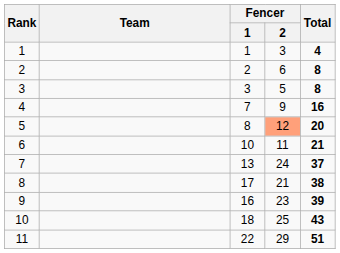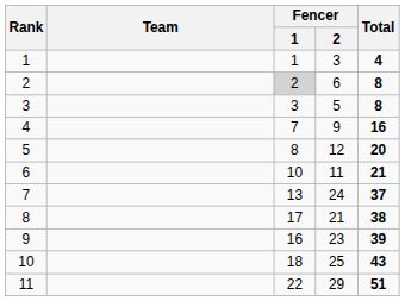 <table class=wikitable style="text-align:center">
 <tr>
 <th rowspan=2 width=40>Rank</th>
 <th rowspan=2 width=250>Team</th>
 <th colspan=2>Fencer</th>
 <th rowspan=2 width=40>Total</th>
 </tr>
 <tr>
 <th width=40>1</th>
 <th width=40>2</th>
 </tr>
 <tr>
 <td>1</td>
 <td align=left></td>
 <td>1</td>
 <td>3</td>
 <td><strong>4</strong></td>
 </tr>
 <tr>
 <td>2</td>
 <td align=left></td>
-<td>2</td>
+<td style="background: lightgrey;">2</td>
 <td>6</td>
 <td><strong>8</strong></td>
 </tr>
 <tr>
 <td>3</td>
 <td align=left></td>
 <td>3</td>
 <td>5</td>
 <td><strong>8</strong></td>
 </tr>
 <tr>
 <td>4</td>
 <td align=left></td>
 <td>7</td>
 <td>9</td>
 <td><strong>16</strong></td>
 </tr>
 <tr>
 <td>5</td>
 <td align=left></td>
 <td>8</td>
-<td style="background: lightsalmon;">12</td>
+<td>12</td>
 <td><strong>20</strong></td>
 </tr>
 <tr>
 <td>6</td>
 <td align=left></td>
 <td>10</td>
 <td>11</td>
 <td><strong>21</strong></td>
 </tr>
 <tr>
 <td>7</td>
 <td align=left></td>
 <td>13</td>
 <td>24</td>
 <td><strong>37</strong></td>
 </tr>
 <tr>
 <td>8</td>
 <td align=left></td>
 <td>17</td>
 <td>21</td>
 <td><strong>38</strong></td>
 </tr>
 <tr>
 <td>9</td>
 <td align=left></td>
 <td>16</td>
 <td>23</td>
 <td><strong>39</strong></td>
 </tr>
 <tr>
 <td>10</td>
 <td align=left></td>
 <td>18</td>
 <td>25</td>
 <td><strong>43</strong></td>
 </tr>
 <tr>
 <td>11</td>
 <td align=left></td>
 <td>22</td>
 <td>29</td>
 <td><strong>51</strong></td>
 </tr>
 </table>
